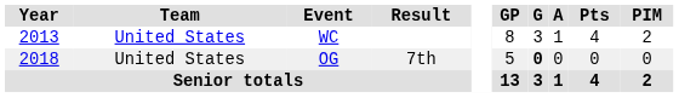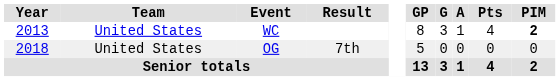 <table border="0" cellpadding="1" cellspacing="0" style="text-align:center; width:40em">
 <tr ALIGN="center" bgcolor="#e0e0e0">
 <th>Year</th>
 <th>Team</th>
 <th>Event</th>
 <th>Result</th>
 <th rowspan="99" bgcolor="#ffffff"> </th>
 <th>GP</th>
 <th>G</th>
 <th>A</th>
 <th>Pts</th>
 <th>PIM</th>
 </tr>
 <tr>
 <td><a href='#'>2013</a></td>
 <td><a href='#'>United States</a></td>
 <td><a href='#'>WC</a></td>
 <td></td>
 <td>8</td>
 <td>3</td>
 <td>1</td>
 <td>4</td>
-<td>2</td>
+<td><strong>2</strong></td>
 </tr>
 <tr bgcolor="#f0f0f0">
 <td><a href='#'>2018</a></td>
 <td>United States</td>
 <td><a href='#'>OG</a></td>
 <td>7th</td>
 <td>5</td>
-<td><strong>0</strong></td>
+<td>0</td>
 <td>0</td>
 <td>0</td>
 <td>0</td>
 </tr>
 <tr bgcolor="#e0e0e0">
 <th colspan="4">Senior totals</th>
 <th>13</th>
 <th>3</th>
 <th>1</th>
 <th>4</th>
 <th>2</th>
 </tr>
 </table>
